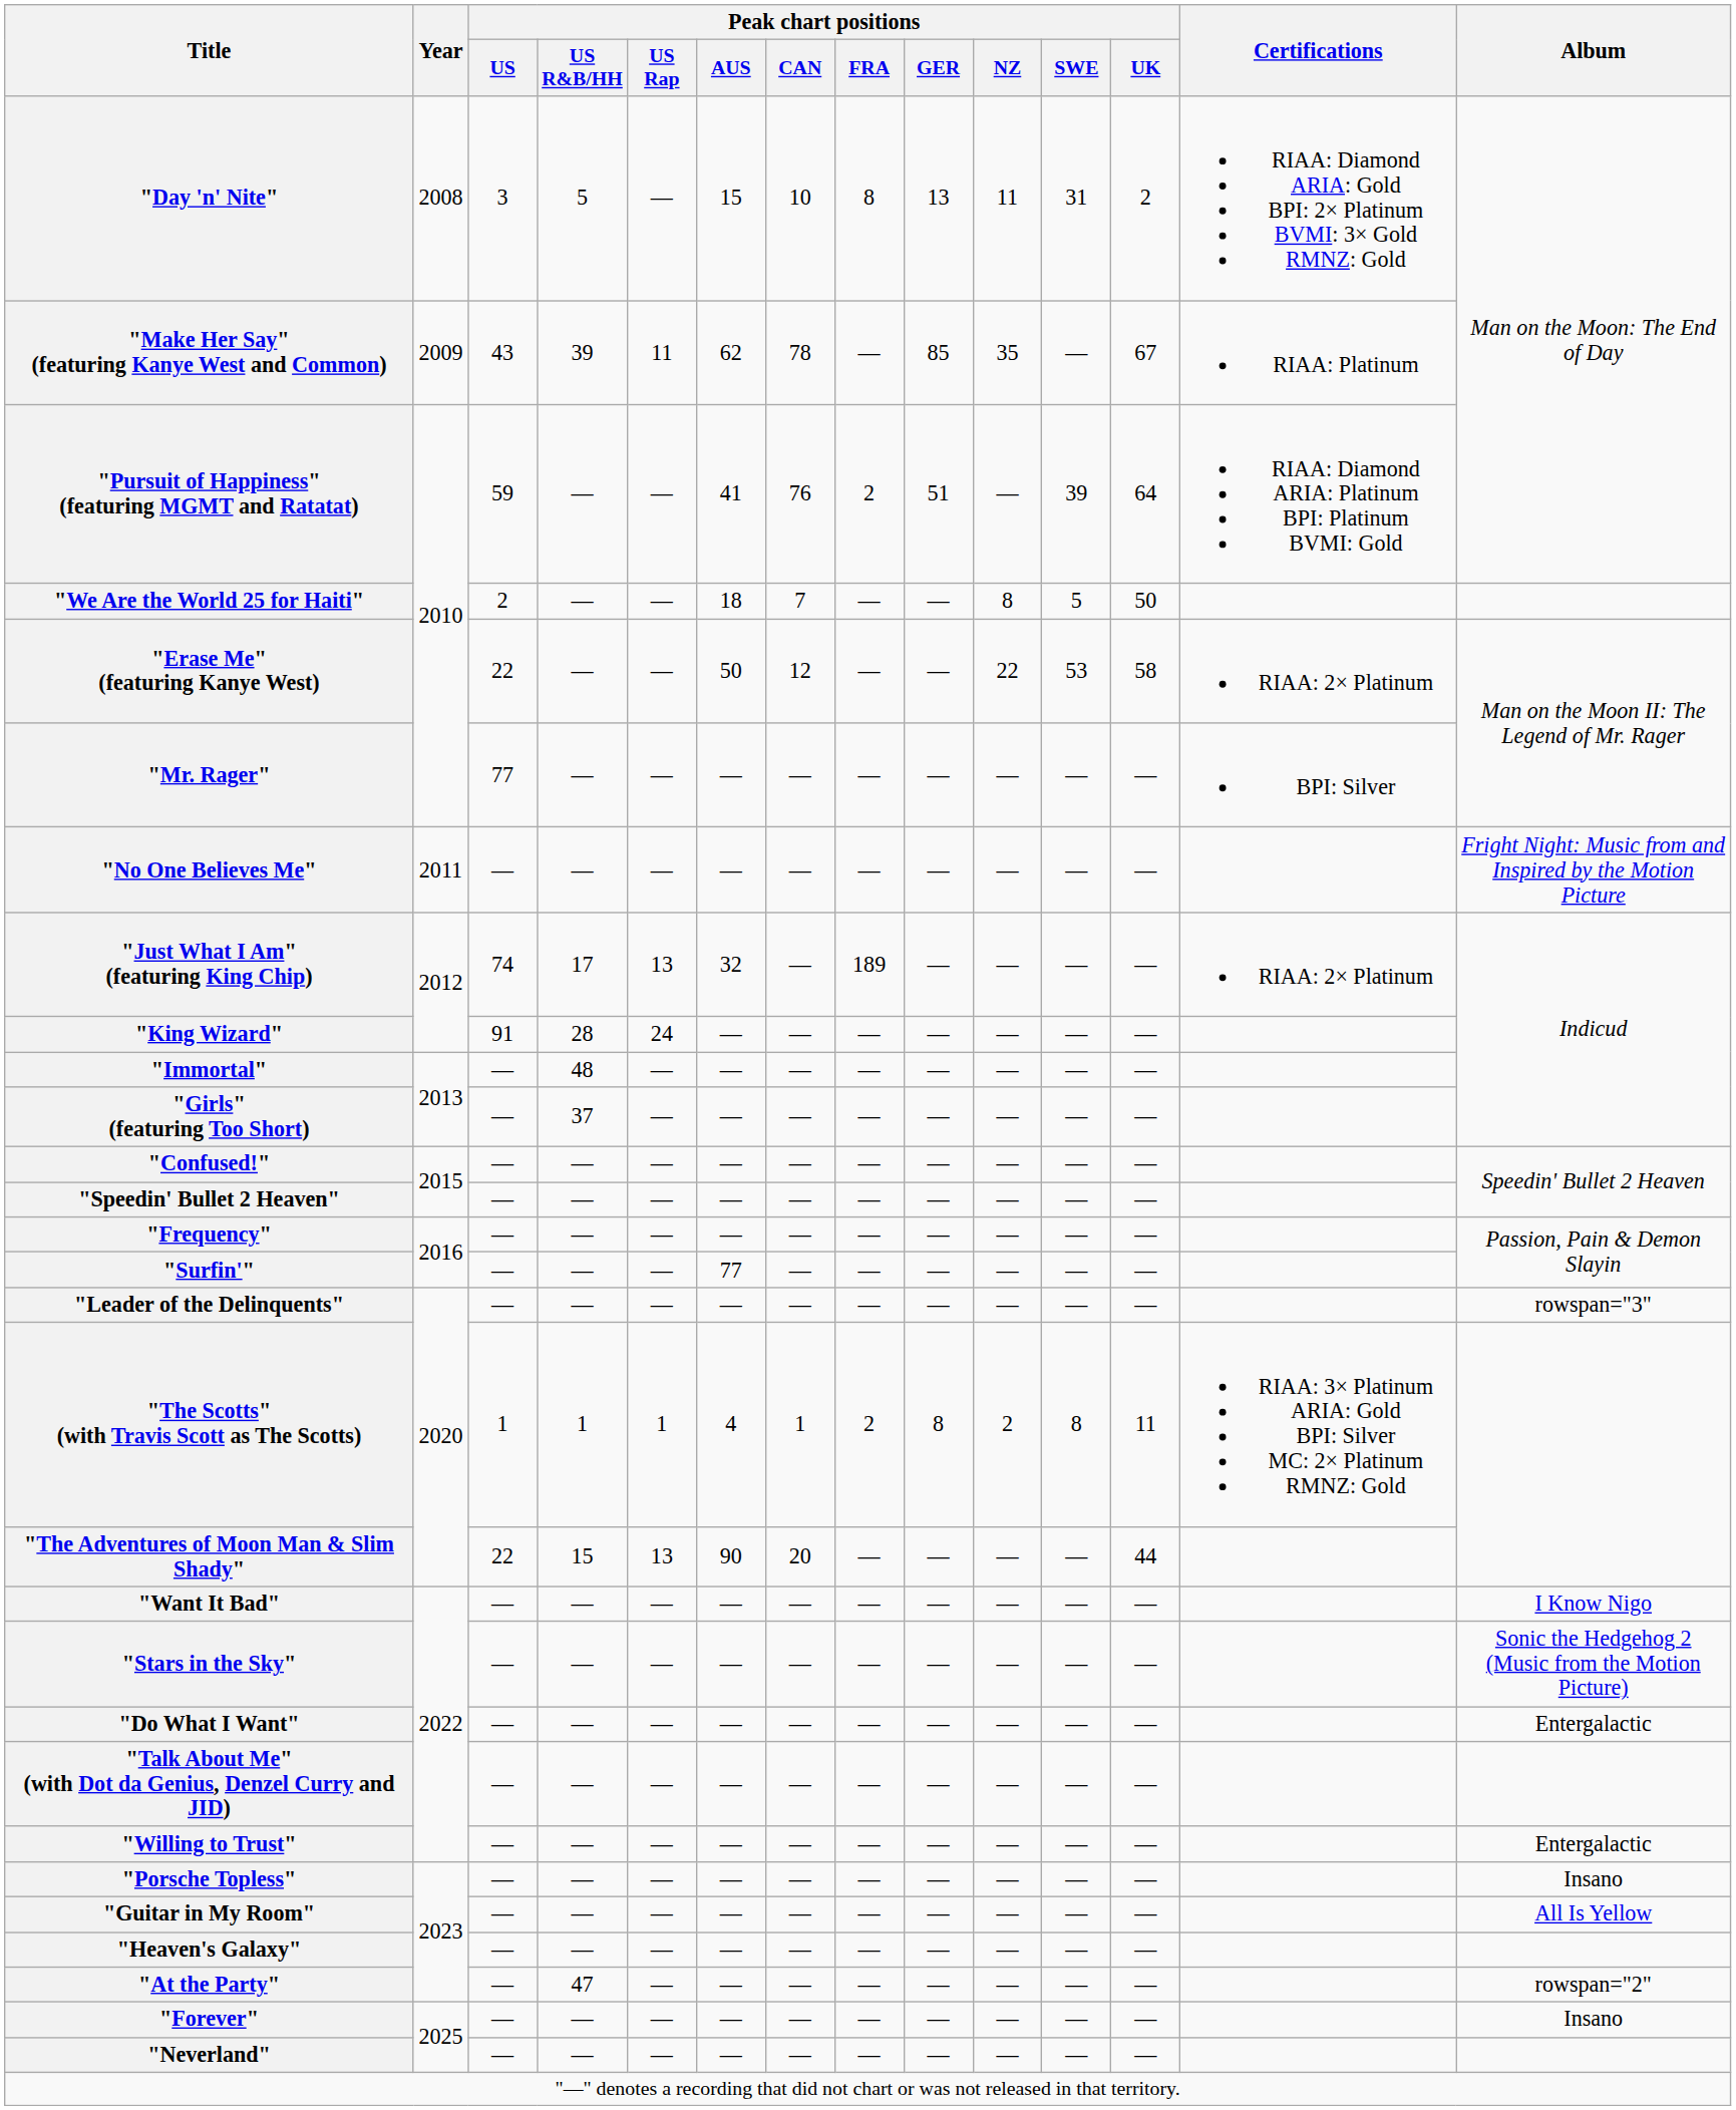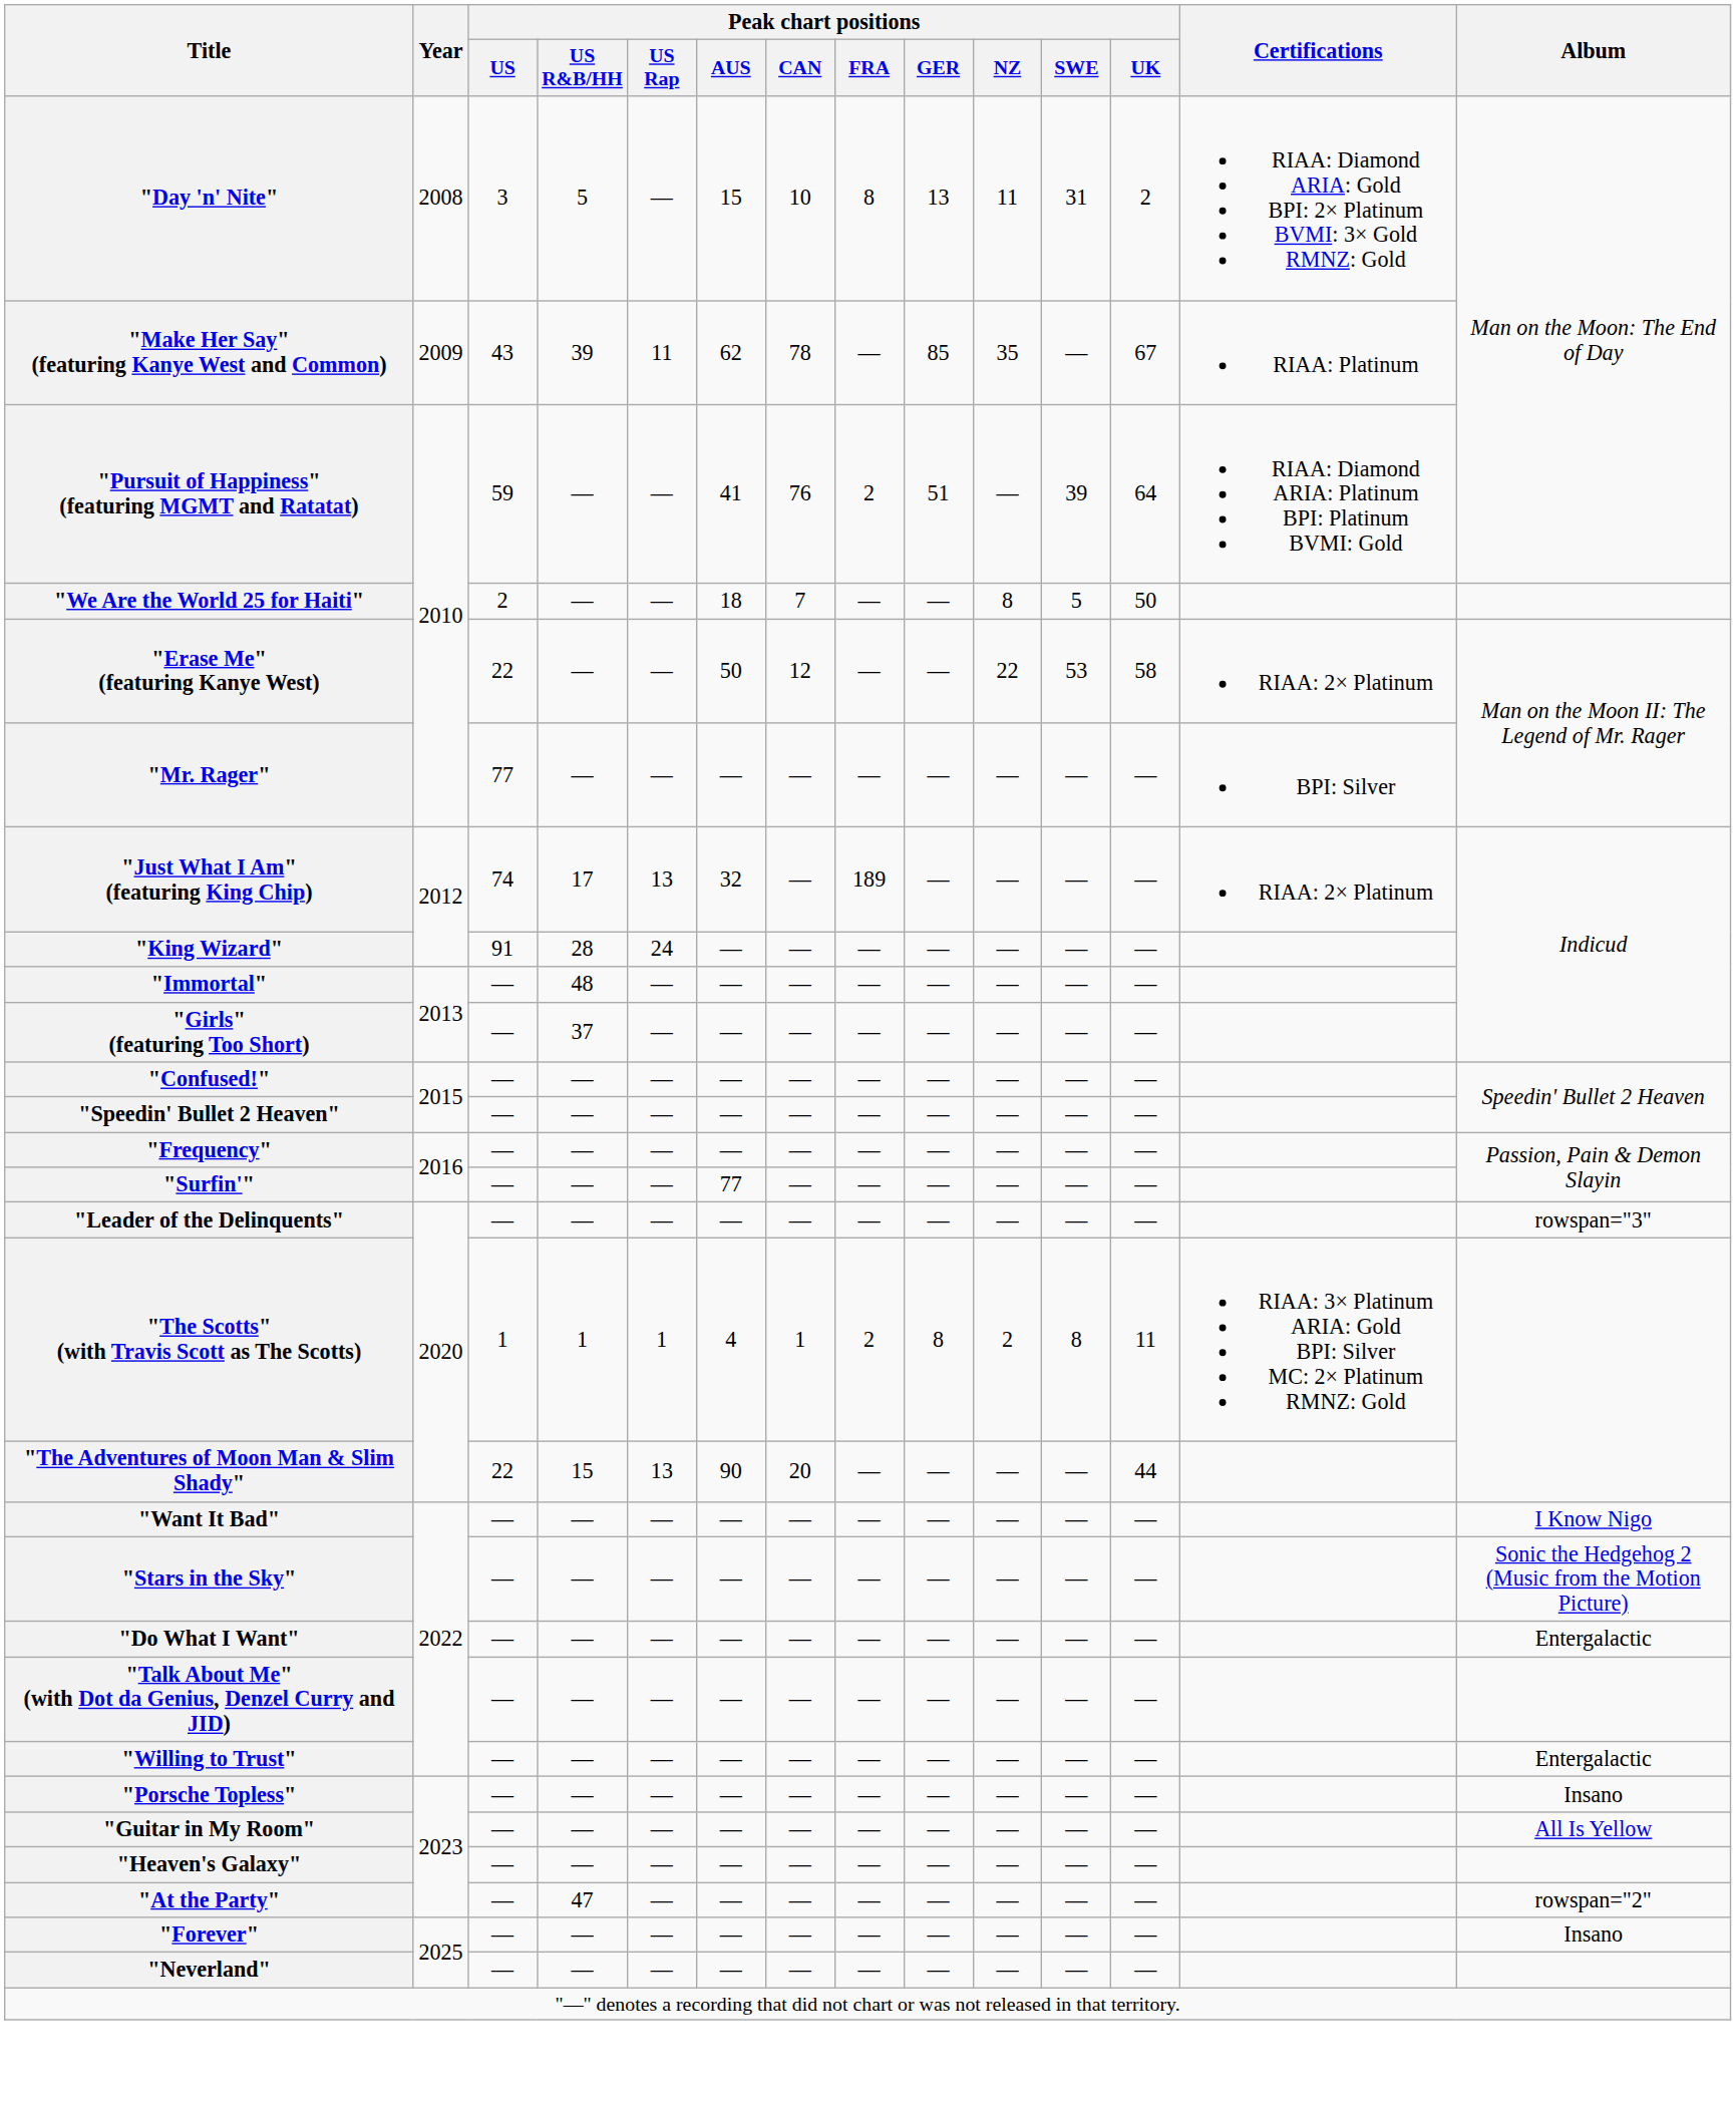 <table class="wikitable plainrowheaders" style="text-align:center;" border="1">
 <tr>
 <th scope="col" rowspan="2" style="width:18em;">Title</th>
 <th scope="col" rowspan="2">Year</th>
 <th scope="col" colspan="10">Peak chart positions</th>
 <th scope="col" rowspan="2" style="width:12em;"><a href='#'>Certifications</a></th>
 <th scope="col" rowspan="2">Album</th>
 </tr>
 <tr>
 <th scope="col" style="width:3em;font-size:90%;"><a href='#'>US</a><br></th>
 <th scope="col" style="width:3em;font-size:90%;"><a href='#'>US<br>R&B/HH</a><br></th>
 <th scope="col" style="width:3em;font-size:90%;"><a href='#'>US<br>Rap</a><br></th>
 <th scope="col" style="width:3em;font-size:90%;"><a href='#'>AUS</a><br></th>
 <th scope="col" style="width:3em;font-size:90%;"><a href='#'>CAN</a><br></th>
 <th scope="col" style="width:3em;font-size:90%;"><a href='#'>FRA</a><br></th>
 <th scope="col" style="width:3em;font-size:90%;"><a href='#'>GER</a><br></th>
 <th scope="col" style="width:3em;font-size:90%;"><a href='#'>NZ</a><br></th>
 <th scope="col" style="width:3em;font-size:90%;"><a href='#'>SWE</a><br></th>
 <th scope="col" style="width:3em;font-size:90%;"><a href='#'>UK</a><br></th>
 </tr>
 <tr>
 <th scope="row">"<a href='#'>Day 'n' Nite</a>"<br></th>
 <td>2008</td>
 <td>3</td>
 <td>5</td>
 <td>—</td>
 <td>15</td>
 <td>10</td>
 <td>8</td>
 <td>13</td>
 <td>11</td>
 <td>31</td>
 <td>2</td>
 <td><br><ul><li>RIAA: Diamond</li><li><a href='#'>ARIA</a>: Gold</li><li>BPI: 2× Platinum</li><li><a href='#'>BVMI</a>: 3× Gold</li><li><a href='#'>RMNZ</a>: Gold</li></ul></td>
 <td rowspan="3"><em>Man on the Moon: The End of Day</em></td>
 </tr>
 <tr>
 <th scope="row">"<a href='#'>Make Her Say</a>"<br><span>(featuring <a href='#'>Kanye West</a> and <a href='#'>Common</a>)</span></th>
 <td>2009</td>
 <td>43</td>
 <td>39</td>
 <td>11</td>
 <td>62</td>
 <td>78</td>
 <td>—</td>
 <td>85</td>
 <td>35</td>
 <td>—</td>
 <td>67</td>
 <td><br><ul><li>RIAA: Platinum</li></ul></td>
 </tr>
 <tr>
 <th scope="row">"<a href='#'>Pursuit of Happiness</a>"<br><span>(featuring <a href='#'>MGMT</a> and <a href='#'>Ratatat</a>)</span></th>
 <td rowspan="4">2010</td>
 <td>59</td>
 <td>—</td>
 <td>—</td>
 <td>41</td>
 <td>76</td>
 <td>2</td>
 <td>51</td>
 <td>—</td>
 <td>39</td>
 <td>64</td>
 <td><br><ul><li>RIAA: Diamond</li><li>ARIA: Platinum</li><li>BPI: Platinum</li><li>BVMI: Gold</li></ul></td>
 </tr>
 <tr>
 <th scope="row">"<a href='#'>We Are the World 25 for Haiti</a>"<br></th>
 <td>2</td>
 <td>—</td>
 <td>—</td>
 <td>18</td>
 <td>7</td>
 <td>—</td>
 <td>—</td>
 <td>8</td>
 <td>5</td>
 <td>50</td>
 <td></td>
 <td></td>
 </tr>
 <tr>
 <th scope="row">"<a href='#'>Erase Me</a>"<br><span>(featuring Kanye West)</span></th>
 <td>22</td>
 <td>—</td>
 <td>—</td>
 <td>50</td>
 <td>12</td>
 <td>—</td>
 <td>—</td>
 <td>22</td>
 <td>53</td>
 <td>58</td>
 <td><br><ul><li>RIAA: 2× Platinum</li></ul></td>
 <td rowspan="2"><em>Man on the Moon II: The Legend of Mr. Rager</em></td>
 </tr>
 <tr>
 <th scope="row">"<a href='#'>Mr. Rager</a>"</th>
 <td>77</td>
 <td>—</td>
 <td>—</td>
 <td>—</td>
 <td>—</td>
 <td>—</td>
 <td>—</td>
 <td>—</td>
 <td>—</td>
 <td>—</td>
 <td><br><ul><li>BPI: Silver</li></ul></td>
-</tr>
-<tr>
-<th scope="row">"<a href='#'>No One Believes Me</a>"</th>
-<td>2011</td>
-<td>—</td>
-<td>—</td>
-<td>—</td>
-<td>—</td>
-<td>—</td>
-<td>—</td>
-<td>—</td>
-<td>—</td>
-<td>—</td>
-<td>—</td>
-<td></td>
-<td><em><a href='#'>Fright Night: Music from and Inspired by the Motion Picture</a></em></td>
 </tr>
 <tr>
 <th scope="row">"<a href='#'>Just What I Am</a>"<br><span>(featuring <a href='#'>King Chip</a>)</span></th>
 <td rowspan="2">2012</td>
 <td>74</td>
 <td>17</td>
 <td>13</td>
 <td>32</td>
 <td>—</td>
 <td>189</td>
 <td>—</td>
 <td>—</td>
 <td>—</td>
 <td>—</td>
 <td><br><ul><li>RIAA: 2× Platinum</li></ul></td>
 <td rowspan="4"><em>Indicud</em></td>
 </tr>
 <tr>
 <th scope="row">"<a href='#'>King Wizard</a>"</th>
 <td>91</td>
 <td>28</td>
 <td>24</td>
 <td>—</td>
 <td>—</td>
 <td>—</td>
 <td>—</td>
 <td>—</td>
 <td>—</td>
 <td>—</td>
 <td></td>
 </tr>
 <tr>
 <th scope="row">"<a href='#'>Immortal</a>"</th>
 <td rowspan="2">2013</td>
 <td>—</td>
 <td>48</td>
 <td>—</td>
 <td>—</td>
 <td>—</td>
 <td>—</td>
 <td>—</td>
 <td>—</td>
 <td>—</td>
 <td>—</td>
 <td></td>
 </tr>
 <tr>
 <th scope="row">"<a href='#'>Girls</a>"<br><span>(featuring <a href='#'>Too Short</a>)</span></th>
 <td>—</td>
 <td>37</td>
 <td>—</td>
 <td>—</td>
 <td>—</td>
 <td>—</td>
 <td>—</td>
 <td>—</td>
 <td>—</td>
 <td>—</td>
 <td></td>
 </tr>
 <tr>
 <th scope="row">"<a href='#'>Confused!</a>"</th>
 <td rowspan="2">2015</td>
 <td>—</td>
 <td>—</td>
 <td>—</td>
 <td>—</td>
 <td>—</td>
 <td>—</td>
 <td>—</td>
 <td>—</td>
 <td>—</td>
 <td>—</td>
 <td></td>
 <td rowspan="2"><em>Speedin' Bullet 2 Heaven</em></td>
 </tr>
 <tr>
 <th scope="row">"Speedin' Bullet 2 Heaven"</th>
 <td>—</td>
 <td>—</td>
 <td>—</td>
 <td>—</td>
 <td>—</td>
 <td>—</td>
 <td>—</td>
 <td>—</td>
 <td>—</td>
 <td>—</td>
 <td></td>
 </tr>
 <tr>
 <th scope="row">"<a href='#'>Frequency</a>"</th>
 <td rowspan="2">2016</td>
 <td>—</td>
 <td>—</td>
 <td>—</td>
 <td>—</td>
 <td>—</td>
 <td>—</td>
 <td>—</td>
 <td>—</td>
 <td>—</td>
 <td>—</td>
 <td></td>
 <td rowspan="2"><em>Passion, Pain & Demon Slayin<strong></td>
 </tr>
 <tr>
 <th scope="row">"<a href='#'>Surfin'</a>"<br></th>
 <td>—</td>
 <td>—</td>
 <td>—</td>
 <td>77</td>
 <td>—</td>
 <td>—</td>
 <td>—</td>
 <td>—</td>
 <td>—</td>
 <td>—</td>
 <td></td>
 </tr>
 <tr>
 <th scope="row">"Leader of the Delinquents"</th>
 <td rowspan="3">2020</td>
 <td>—</td>
 <td>—</td>
 <td>—</td>
 <td>—</td>
 <td>—</td>
 <td>—</td>
 <td>—</td>
 <td>—</td>
 <td>—</td>
 <td>—</td>
 <td></td>
 <td>rowspan="3" </td>
 </tr>
 <tr>
 <th scope="row">"<a href='#'>The Scotts</a>"<br><span>(with <a href='#'>Travis Scott</a> as The Scotts)</span></th>
 <td>1</td>
 <td>1</td>
 <td>1</td>
 <td>4</td>
 <td>1</td>
 <td>2</td>
 <td>8</td>
 <td>2</td>
 <td>8</td>
 <td>11</td>
 <td><br><ul><li>RIAA: 3× Platinum</li><li>ARIA: Gold</li><li>BPI: Silver</li><li>MC: 2× Platinum</li><li>RMNZ: Gold</li></ul></td>
 </tr>
 <tr>
 <th scope="row">"<a href='#'>The Adventures of Moon Man & Slim Shady</a>"<br></th>
 <td>22</td>
 <td>15</td>
 <td>13</td>
 <td>90</td>
 <td>20</td>
 <td>—</td>
 <td>—</td>
 <td>—</td>
 <td>—</td>
 <td>44</td>
 <td></td>
 </tr>
 <tr>
 <th scope="row">"Want It Bad"<br></th>
 <td rowspan="5">2022</td>
 <td>—</td>
 <td>—</td>
 <td>—</td>
 <td>—</td>
 <td>—</td>
 <td>—</td>
 <td>—</td>
 <td>—</td>
 <td>—</td>
 <td>—</td>
 <td></td>
 <td></em><a href='#'>I Know Nigo</a><em></td>
 </tr>
 <tr>
 <th scope="row">"<a href='#'>Stars in the Sky</a>"</th>
 <td>—</td>
 <td>—</td>
 <td>—</td>
 <td>—</td>
 <td>—</td>
 <td>—</td>
 <td>—</td>
 <td>—</td>
 <td>—</td>
 <td>—</td>
 <td></td>
 <td></em><a href='#'>Sonic the Hedgehog 2 (Music from the Motion Picture)</a><em></td>
 </tr>
 <tr>
 <th scope="row">"Do What I Want"</th>
 <td>—</td>
 <td>—</td>
 <td>—</td>
 <td>—</td>
 <td>—</td>
 <td>—</td>
 <td>—</td>
 <td>—</td>
 <td>—</td>
 <td>—</td>
 <td></td>
 <td></em>Entergalactic<em></td>
 </tr>
 <tr>
 <th scope="row">"<a href='#'>Talk About Me</a>"<br><span>(with <a href='#'>Dot da Genius</a>, <a href='#'>Denzel Curry</a> and <a href='#'>JID</a>)</span></th>
 <td>—</td>
 <td>—</td>
 <td>—</td>
 <td>—</td>
 <td>—</td>
 <td>—</td>
 <td>—</td>
 <td>—</td>
 <td>—</td>
 <td>—</td>
 <td></td>
 <td></td>
 </tr>
 <tr>
 <th scope="row">"<a href='#'>Willing to Trust</a>"<br></th>
 <td>—</td>
 <td>—</td>
 <td>—</td>
 <td>—</td>
 <td>—</td>
 <td>—</td>
 <td>—</td>
 <td>—</td>
 <td>—</td>
 <td>—</td>
 <td></td>
 <td></em>Entergalactic<em></td>
 </tr>
 <tr>
 <th scope="row">"<a href='#'>Porsche Topless</a>"</th>
 <td rowspan="4">2023</td>
 <td>—</td>
 <td>—</td>
 <td>—</td>
 <td>—</td>
 <td>—</td>
 <td>—</td>
 <td>—</td>
 <td>—</td>
 <td>—</td>
 <td>—</td>
 <td></td>
 <td></em>Insano<em></td>
 </tr>
 <tr>
 <th scope="row">"Guitar in My Room"<br></th>
 <td>—</td>
 <td>—</td>
 <td>—</td>
 <td>—</td>
 <td>—</td>
 <td>—</td>
 <td>—</td>
 <td>—</td>
 <td>—</td>
 <td>—</td>
 <td></td>
 <td></em><a href='#'>All Is Yellow</a><em></td>
 </tr>
 <tr>
 <th scope="row">"Heaven's Galaxy"</th>
 <td>—</td>
 <td>—</td>
 <td>—</td>
 <td>—</td>
 <td>—</td>
 <td>—</td>
 <td>—</td>
 <td>—</td>
 <td>—</td>
 <td>—</td>
 <td></td>
 <td></td>
 </tr>
 <tr>
 <th scope="row">"<a href='#'>At the Party</a>"<br></th>
 <td>—</td>
 <td>47</td>
 <td>—</td>
 <td>—</td>
 <td>—</td>
 <td>—</td>
 <td>—</td>
 <td>—</td>
 <td>—</td>
 <td>—</td>
 <td></td>
 <td>rowspan="2" </td>
 </tr>
 <tr>
 <th scope="row">"<a href='#'>Forever</a>"<br></th>
 <td rowspan="2">2025</td>
 <td>—</td>
 <td>—</td>
 <td>—</td>
 <td>—</td>
 <td>—</td>
 <td>—</td>
 <td>—</td>
 <td>—</td>
 <td>—</td>
 <td>—</td>
 <td></td>
 <td></em>Insano<em></td>
 </tr>
 <tr>
 <th scope="row">"Neverland"</th>
 <td>—</td>
 <td>—</td>
 <td>—</td>
 <td>—</td>
 <td>—</td>
 <td>—</td>
 <td>—</td>
 <td>—</td>
 <td>—</td>
 <td>—</td>
 <td></td>
 </tr>
 <tr>
 <td colspan="14" style="font-size:90%">"—" denotes a recording that did not chart or was not released in that territory.</td>
 </tr>
 </table>
